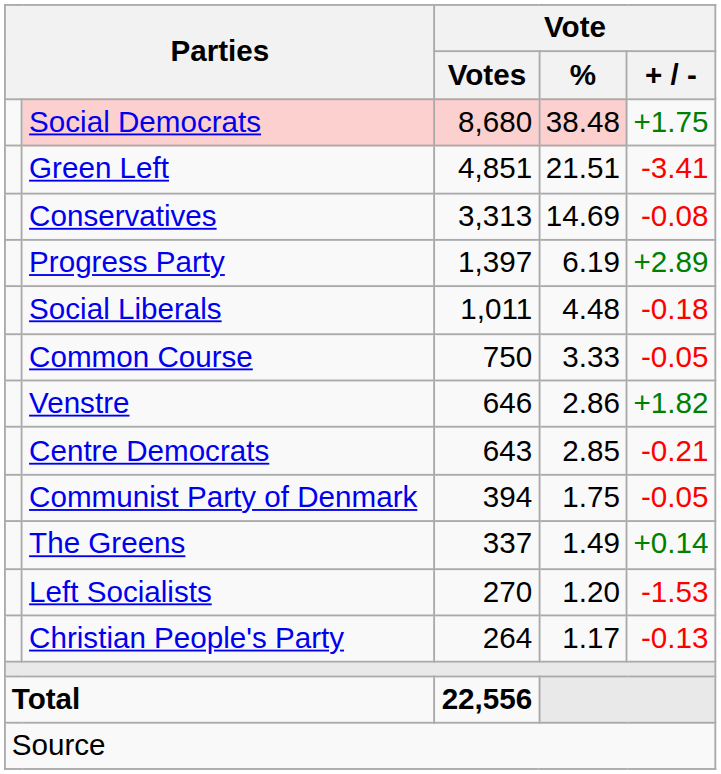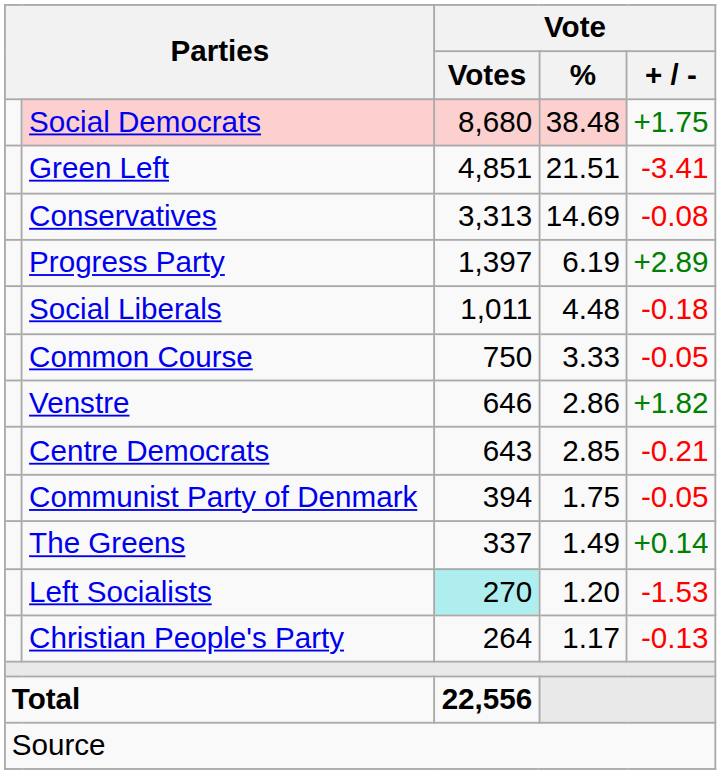 <table class="wikitable" style="text-align:right;">
 <tr>
 <th style="text-align:centre;" rowspan="2" colspan="2" width="225">Parties</th>
 <th colspan="3">Vote</th>
 </tr>
 <tr>
 <th width="15">Votes</th>
 <th width="15">%</th>
 <th width="15">+ / -</th>
 </tr>
 <tr>
 <td width="2" style="color:inherit;background:"></td>
 <td bgcolor=#fbd0ce  align="left"><a href='#'>Social Democrats</a></td>
 <td bgcolor=#fbd0ce>8,680</td>
 <td bgcolor=#fbd0ce>38.48</td>
 <td style=color:green;>+1.75</td>
 </tr>
 <tr>
 <td width="2" style="color:inherit;background:"></td>
 <td align="left"><a href='#'>Green Left</a></td>
 <td>4,851</td>
 <td>21.51</td>
 <td style=color:red;>-3.41</td>
 </tr>
 <tr>
 <td width="2" style="color:inherit;background:"></td>
 <td align="left"><a href='#'>Conservatives</a></td>
 <td>3,313</td>
 <td>14.69</td>
 <td style=color:red;>-0.08</td>
 </tr>
 <tr>
 <td width="2" style="color:inherit;background:"></td>
 <td align="left"><a href='#'>Progress Party</a></td>
 <td>1,397</td>
 <td>6.19</td>
 <td style=color:green;>+2.89</td>
 </tr>
 <tr>
 <td width="2" style="color:inherit;background:"></td>
 <td align="left"><a href='#'>Social Liberals</a></td>
 <td>1,011</td>
 <td>4.48</td>
 <td style=color:red;>-0.18</td>
 </tr>
 <tr>
 <td width="2" style="color:inherit;background:"></td>
 <td align="left"><a href='#'>Common Course</a></td>
 <td>750</td>
 <td>3.33</td>
 <td style=color:red;>-0.05</td>
 </tr>
 <tr>
 <td width="2" style="color:inherit;background:"></td>
 <td align="left"><a href='#'>Venstre</a></td>
 <td>646</td>
 <td>2.86</td>
 <td style=color:green;>+1.82</td>
 </tr>
 <tr>
 <td width="2" style="color:inherit;background:"></td>
 <td align="left"><a href='#'>Centre Democrats</a></td>
 <td>643</td>
 <td>2.85</td>
 <td style=color:red;>-0.21</td>
 </tr>
 <tr>
 <td width="2" style="color:inherit;background:"></td>
 <td align="left"><a href='#'>Communist Party of Denmark</a></td>
 <td>394</td>
 <td>1.75</td>
 <td style=color:red;>-0.05</td>
 </tr>
 <tr>
 <td width="2" style="color:inherit;background:"></td>
 <td align="left"><a href='#'>The Greens</a></td>
 <td>337</td>
 <td>1.49</td>
 <td style=color:green;>+0.14</td>
 </tr>
 <tr>
 <td width="2" style="color:inherit;background:"></td>
 <td align="left"><a href='#'>Left Socialists</a></td>
-<td>270</td>
+<td style="background: paleturquoise;">270</td>
 <td>1.20</td>
 <td style=color:red;>-1.53</td>
 </tr>
 <tr>
 <td width="2" style="color:inherit;background:"></td>
 <td align="left"><a href='#'>Christian People's Party</a></td>
 <td>264</td>
 <td>1.17</td>
 <td style=color:red;>-0.13</td>
 </tr>
 <tr>
 <td colspan="7" bgcolor="#E9E9E9"></td>
 </tr>
 <tr>
 <td align="left" colspan="2"><strong>Total</strong></td>
 <td><strong>22,556</strong></td>
 <td bgcolor="#E9E9E9" colspan="2"></td>
 </tr>
 <tr>
 <td align="left" colspan="6">Source</td>
 </tr>
 </table>
